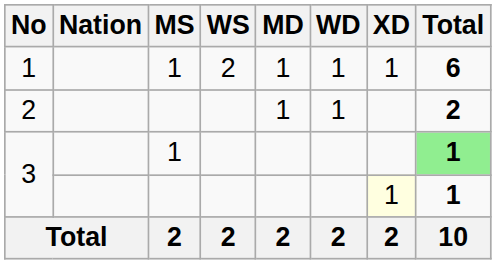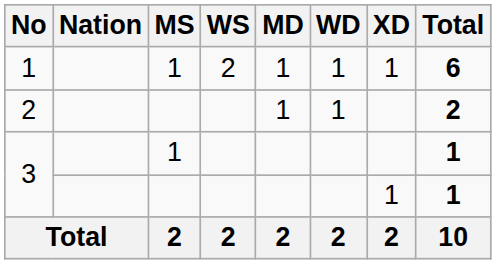 <table class="wikitable" style="text-align:center">
 <tr>
 <th>No</th>
 <th>Nation</th>
 <th>MS</th>
 <th>WS</th>
 <th>MD</th>
 <th>WD</th>
 <th>XD</th>
 <th>Total</th>
 </tr>
 <tr>
 <td>1</td>
 <td align=left></td>
 <td>1</td>
 <td>2</td>
 <td>1</td>
 <td>1</td>
 <td>1</td>
 <td><strong>6</strong></td>
 </tr>
 <tr>
 <td>2</td>
 <td align=left></td>
 <td></td>
 <td></td>
 <td>1</td>
 <td>1</td>
 <td></td>
 <td><strong>2</strong></td>
 </tr>
 <tr>
 <td rowspan=2>3</td>
 <td align=left></td>
 <td>1</td>
 <td></td>
 <td></td>
 <td></td>
 <td></td>
-<td style="background: lightgreen;"><strong>1</strong></td>
+<td><strong>1</strong></td>
 </tr>
 <tr>
 <td align=left><strong></strong></td>
 <td></td>
 <td></td>
 <td></td>
 <td></td>
-<td style="background: lightyellow;">1</td>
+<td>1</td>
 <td><strong>1</strong></td>
 </tr>
 <tr>
 <th colspan="2">Total</th>
 <th>2</th>
 <th>2</th>
 <th>2</th>
 <th>2</th>
 <th>2</th>
 <th>10</th>
 </tr>
 </table>
